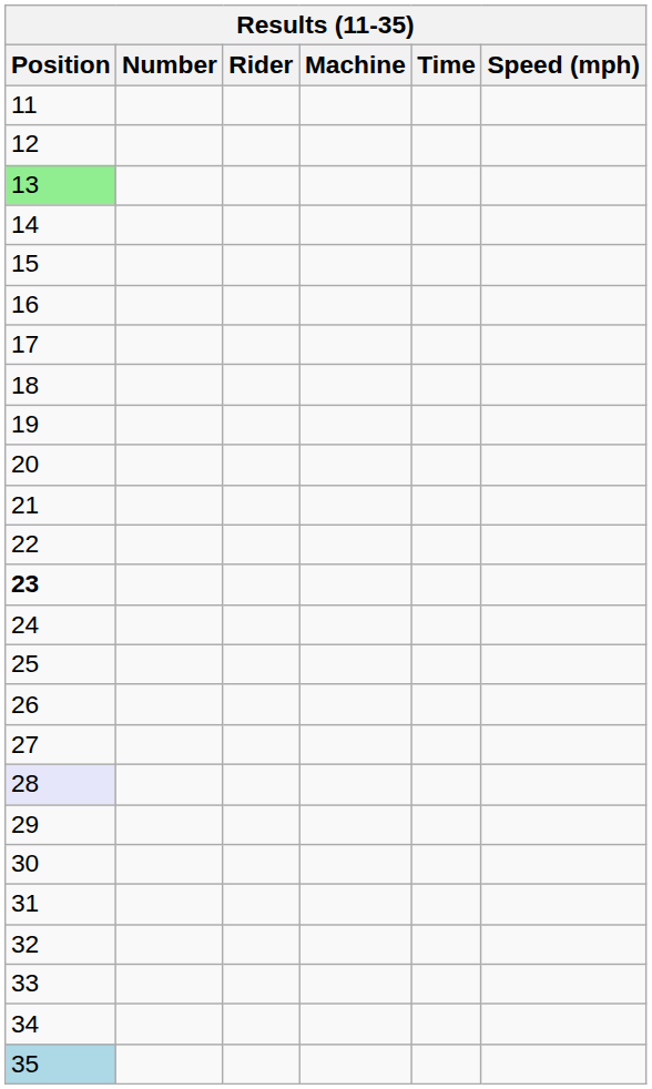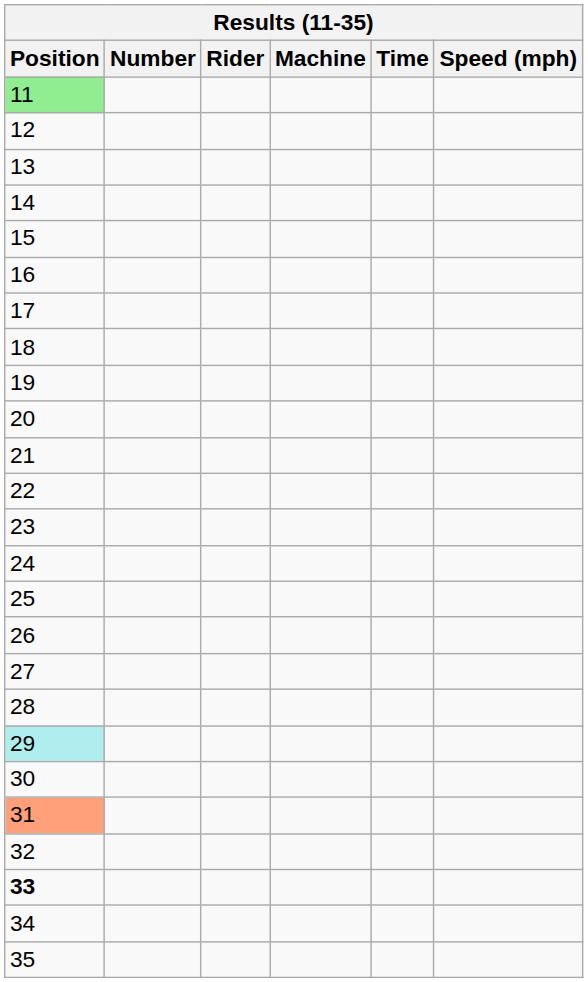 <table class="collapsible collapsed wikitable">
 <tr>
 <th scope="col" colspan="6">Results (11-35)</th>
 </tr>
 <tr>
 <th scope="col">Position</th>
 <th scope="col">Number</th>
 <th scope="col">Rider</th>
 <th scope="col">Machine</th>
 <th scope="col">Time</th>
 <th scope="col">Speed (mph)</th>
 </tr>
 <tr>
-<td>11</td>
+<td style="background: lightgreen;">11</td>
 <td></td>
 <td></td>
 <td></td>
 <td></td>
 <td></td>
 </tr>
 <tr>
 <td>12</td>
 <td></td>
 <td></td>
 <td></td>
 <td></td>
 <td></td>
 </tr>
 <tr>
-<td style="background: lightgreen;">13</td>
+<td>13</td>
 <td></td>
 <td></td>
 <td></td>
 <td></td>
 <td></td>
 </tr>
 <tr>
 <td>14</td>
 <td></td>
 <td></td>
 <td></td>
 <td></td>
 <td></td>
 </tr>
 <tr>
 <td>15</td>
 <td></td>
 <td></td>
 <td></td>
 <td></td>
 <td></td>
 </tr>
 <tr>
 <td>16</td>
 <td></td>
 <td></td>
 <td></td>
 <td></td>
 <td></td>
 </tr>
 <tr>
 <td>17</td>
 <td></td>
 <td></td>
 <td></td>
 <td></td>
 <td></td>
 </tr>
 <tr>
 <td>18</td>
 <td></td>
 <td></td>
 <td></td>
 <td></td>
 <td></td>
 </tr>
 <tr>
 <td>19</td>
 <td></td>
 <td></td>
 <td></td>
 <td></td>
 <td></td>
 </tr>
 <tr>
 <td>20</td>
 <td></td>
 <td></td>
 <td></td>
 <td></td>
 <td></td>
 </tr>
 <tr>
 <td>21</td>
 <td></td>
 <td></td>
 <td></td>
 <td></td>
 <td></td>
 </tr>
 <tr>
 <td>22</td>
 <td></td>
 <td></td>
 <td></td>
 <td></td>
 <td></td>
 </tr>
 <tr>
-<td><strong>23</strong></td>
+<td>23</td>
 <td></td>
 <td></td>
 <td></td>
 <td></td>
 <td></td>
 </tr>
 <tr>
 <td>24</td>
 <td></td>
 <td></td>
 <td></td>
 <td></td>
 <td></td>
 </tr>
 <tr>
 <td>25</td>
 <td></td>
 <td></td>
 <td></td>
 <td></td>
 <td></td>
 </tr>
 <tr>
 <td>26</td>
 <td></td>
 <td></td>
 <td></td>
 <td></td>
 <td></td>
 </tr>
 <tr>
 <td>27</td>
 <td></td>
 <td></td>
 <td></td>
 <td></td>
 <td></td>
 </tr>
 <tr>
-<td style="background: lavender;">28</td>
+<td>28</td>
 <td></td>
 <td></td>
 <td></td>
 <td></td>
 <td></td>
 </tr>
 <tr>
-<td>29</td>
+<td style="background: paleturquoise;">29</td>
 <td></td>
 <td></td>
 <td></td>
 <td></td>
 <td></td>
 </tr>
 <tr>
 <td>30</td>
 <td></td>
 <td></td>
 <td></td>
 <td></td>
 <td></td>
 </tr>
 <tr>
-<td>31</td>
+<td style="background: lightsalmon;">31</td>
 <td></td>
 <td></td>
 <td></td>
 <td></td>
 <td></td>
 </tr>
 <tr>
 <td>32</td>
 <td></td>
 <td></td>
 <td></td>
 <td></td>
 <td></td>
 </tr>
 <tr>
-<td>33</td>
+<td><strong>33</strong></td>
 <td></td>
 <td></td>
 <td></td>
 <td></td>
 <td></td>
 </tr>
 <tr>
 <td>34</td>
 <td></td>
 <td></td>
 <td></td>
 <td></td>
 <td></td>
 </tr>
 <tr>
-<td style="background: lightblue;">35</td>
+<td>35</td>
 <td></td>
 <td></td>
 <td></td>
 <td></td>
 <td></td>
 </tr>
 </table>
